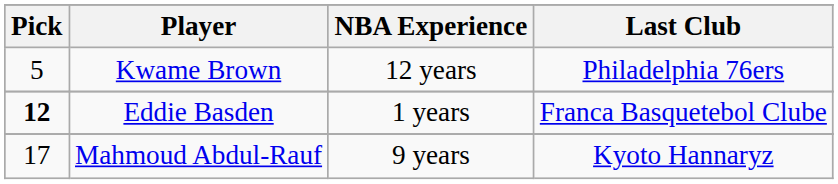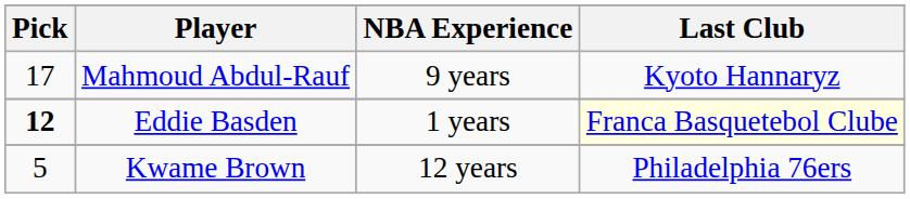 <table class="wikitable sortable sortable">
 <tr>
 </tr>
 <tr style="text-align: center">
 <th>Pick</th>
 <th>Player</th>
 <th>NBA Experience</th>
 <th>Last Club</th>
 </tr>
 <tr style="text-align: center">
-<td>5</td>
-<td><a href='#'>Kwame Brown</a></td>
-<td>12 years</td>
-<td> <a href='#'>Philadelphia 76ers</a></td>
+<td>17</td>
+<td><a href='#'>Mahmoud Abdul-Rauf</a></td>
+<td>9 years</td>
+<td> <a href='#'>Kyoto Hannaryz</a></td>
 </tr>
 <tr>
 </tr>
 <tr style="text-align: center">
 <td><strong>12</strong></td>
 <td><a href='#'>Eddie Basden</a></td>
 <td>1 years</td>
-<td> <a href='#'>Franca Basquetebol Clube</a></td>
+<td style="background: lightyellow;"> <a href='#'>Franca Basquetebol Clube</a></td>
 </tr>
 <tr>
 </tr>
 <tr style="text-align: center">
-<td>17</td>
-<td><a href='#'>Mahmoud Abdul-Rauf</a></td>
-<td>9 years</td>
-<td> <a href='#'>Kyoto Hannaryz</a></td>
+<td>5</td>
+<td><a href='#'>Kwame Brown</a></td>
+<td>12 years</td>
+<td> <a href='#'>Philadelphia 76ers</a></td>
 </tr>
 </table>
